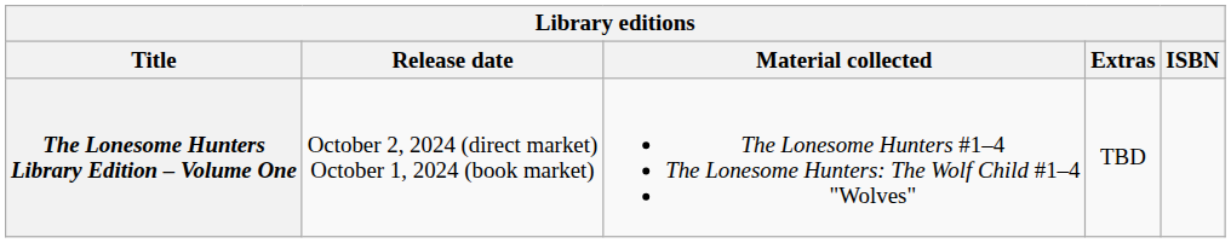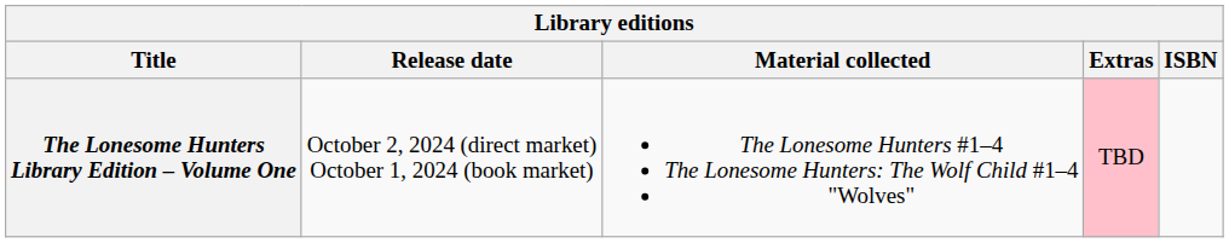 <table class="wikitable" style="text-align: center">
 <tr>
 <th colspan=7>Library editions</th>
 </tr>
 <tr>
 <th>Title</th>
 <th>Release date</th>
 <th>Material collected</th>
 <th>Extras</th>
 <th>ISBN</th>
 </tr>
 <tr>
 <th><em>The Lonesome Hunters<br>Library Edition – Volume One</em></th>
 <td>October 2, 2024 (direct market)<br>October 1, 2024 (book market)</td>
 <td><br><ul><li><em>The Lonesome Hunters</em> #1–4</li><li><em>The Lonesome Hunters: The Wolf Child</em> #1–4</li><li>"Wolves"</li></ul></td>
-<td>TBD</td>
+<td style="background: pink;">TBD</td>
 <td></td>
 </tr>
 </table>
